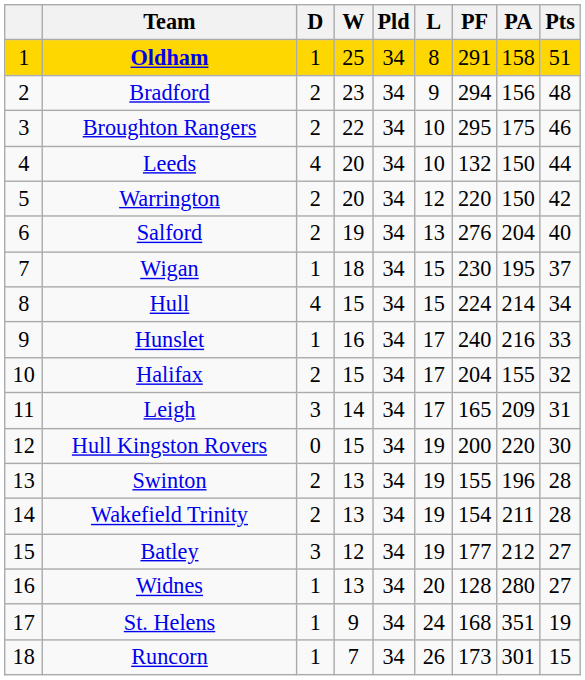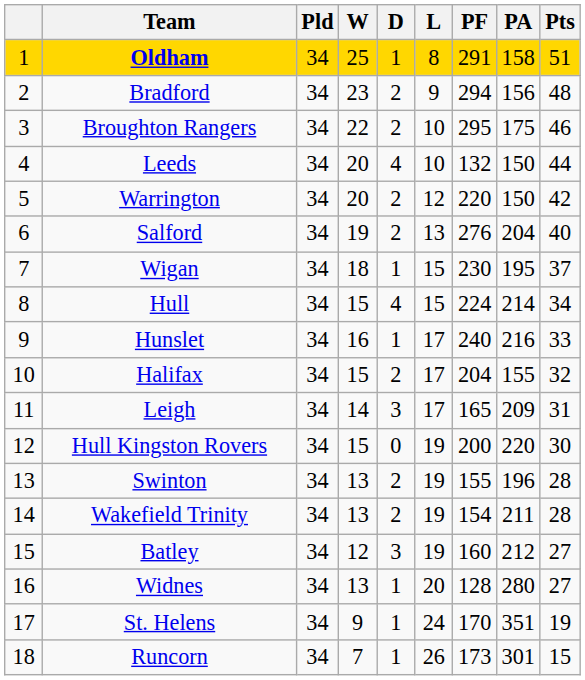 <table class="wikitable" style="text-align:center;">
 <tr>
 <th style="width:20px;" abbr="Position"></th>
 <th width=175>Team</th>
+<th style="width:20px;" abbr="Played">Pld</th>
+<th style="width:20px;" abbr="Won">W</th>
 <th style="width:20px;" abbr="Drawn">D</th>
-<th style="width:20px;" abbr="Won">W</th>
-<th style="width:20px;" abbr="Played">Pld</th>
 <th style="width:20px;" abbr="Lost">L</th>
 <th style="width:20px;" abbr="Points for">PF</th>
 <th style="width:20px;" abbr="Points against">PA</th>
 <th style="width:20px;" abbr="Points">Pts</th>
 </tr>
 <tr style="text-align:center; background:gold;">
 <td>1</td>
 <td><strong><a href='#'>Oldham</a></strong></td>
+<td>34</td>
+<td>25</td>
 <td>1</td>
-<td>25</td>
-<td>34</td>
 <td>8</td>
 <td>291</td>
 <td>158</td>
 <td>51</td>
 </tr>
 <tr style="text-align:center;">
 <td>2</td>
 <td><a href='#'>Bradford</a></td>
+<td>34</td>
+<td>23</td>
 <td>2</td>
-<td>23</td>
-<td>34</td>
 <td>9</td>
 <td>294</td>
 <td>156</td>
 <td>48</td>
 </tr>
 <tr style="text-align:center;">
 <td>3</td>
 <td><a href='#'>Broughton Rangers</a></td>
+<td>34</td>
+<td>22</td>
 <td>2</td>
-<td>22</td>
-<td>34</td>
 <td>10</td>
 <td>295</td>
 <td>175</td>
 <td>46</td>
 </tr>
 <tr style="text-align:center;">
 <td>4</td>
 <td><a href='#'>Leeds</a></td>
+<td>34</td>
+<td>20</td>
 <td>4</td>
-<td>20</td>
-<td>34</td>
 <td>10</td>
 <td>132</td>
 <td>150</td>
 <td>44</td>
 </tr>
 <tr style="text-align:center;">
 <td>5</td>
 <td><a href='#'>Warrington</a></td>
+<td>34</td>
+<td>20</td>
 <td>2</td>
-<td>20</td>
-<td>34</td>
 <td>12</td>
 <td>220</td>
 <td>150</td>
 <td>42</td>
 </tr>
 <tr style="text-align:center;">
 <td>6</td>
 <td><a href='#'>Salford</a></td>
+<td>34</td>
+<td>19</td>
 <td>2</td>
-<td>19</td>
-<td>34</td>
 <td>13</td>
 <td>276</td>
 <td>204</td>
 <td>40</td>
 </tr>
 <tr style="text-align:center;">
 <td>7</td>
 <td><a href='#'>Wigan</a></td>
+<td>34</td>
+<td>18</td>
 <td>1</td>
-<td>18</td>
-<td>34</td>
 <td>15</td>
 <td>230</td>
 <td>195</td>
 <td>37</td>
 </tr>
 <tr style="text-align:center;">
 <td>8</td>
 <td><a href='#'>Hull</a></td>
+<td>34</td>
+<td>15</td>
 <td>4</td>
-<td>15</td>
-<td>34</td>
 <td>15</td>
 <td>224</td>
 <td>214</td>
 <td>34</td>
 </tr>
 <tr style="text-align:center;">
 <td>9</td>
 <td><a href='#'>Hunslet</a></td>
+<td>34</td>
+<td>16</td>
 <td>1</td>
-<td>16</td>
-<td>34</td>
 <td>17</td>
 <td>240</td>
 <td>216</td>
 <td>33</td>
 </tr>
 <tr style="text-align:center;">
 <td>10</td>
 <td><a href='#'>Halifax</a></td>
+<td>34</td>
+<td>15</td>
 <td>2</td>
-<td>15</td>
-<td>34</td>
 <td>17</td>
 <td>204</td>
 <td>155</td>
 <td>32</td>
 </tr>
 <tr style="text-align:center;">
 <td>11</td>
 <td><a href='#'>Leigh</a></td>
+<td>34</td>
+<td>14</td>
 <td>3</td>
-<td>14</td>
-<td>34</td>
 <td>17</td>
 <td>165</td>
 <td>209</td>
 <td>31</td>
 </tr>
 <tr style="text-align:center;">
 <td>12</td>
 <td><a href='#'>Hull Kingston Rovers</a></td>
+<td>34</td>
+<td>15</td>
 <td>0</td>
-<td>15</td>
-<td>34</td>
 <td>19</td>
 <td>200</td>
 <td>220</td>
 <td>30</td>
 </tr>
 <tr style="text-align:center;">
 <td>13</td>
 <td><a href='#'>Swinton</a></td>
+<td>34</td>
+<td>13</td>
 <td>2</td>
-<td>13</td>
-<td>34</td>
 <td>19</td>
 <td>155</td>
 <td>196</td>
 <td>28</td>
 </tr>
 <tr style="text-align:center;">
 <td>14</td>
 <td><a href='#'>Wakefield Trinity</a></td>
+<td>34</td>
+<td>13</td>
 <td>2</td>
-<td>13</td>
-<td>34</td>
 <td>19</td>
 <td>154</td>
 <td>211</td>
 <td>28</td>
 </tr>
 <tr style="text-align:center;">
 <td>15</td>
 <td><a href='#'>Batley</a></td>
+<td>34</td>
+<td>12</td>
 <td>3</td>
-<td>12</td>
-<td>34</td>
 <td>19</td>
-<td>177</td>
+<td>160</td>
 <td>212</td>
 <td>27</td>
 </tr>
 <tr style="text-align:center;">
 <td>16</td>
 <td><a href='#'>Widnes</a></td>
+<td>34</td>
+<td>13</td>
 <td>1</td>
-<td>13</td>
-<td>34</td>
 <td>20</td>
 <td>128</td>
 <td>280</td>
 <td>27</td>
 </tr>
 <tr style="text-align:center;">
 <td>17</td>
 <td><a href='#'>St. Helens</a></td>
+<td>34</td>
+<td>9</td>
 <td>1</td>
-<td>9</td>
-<td>34</td>
 <td>24</td>
-<td>168</td>
+<td>170</td>
 <td>351</td>
 <td>19</td>
 </tr>
 <tr style="text-align:center;">
 <td>18</td>
 <td><a href='#'>Runcorn</a></td>
+<td>34</td>
+<td>7</td>
 <td>1</td>
-<td>7</td>
-<td>34</td>
 <td>26</td>
 <td>173</td>
 <td>301</td>
 <td>15</td>
 </tr>
 </table>
